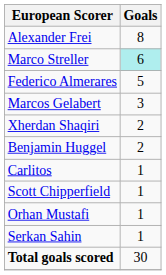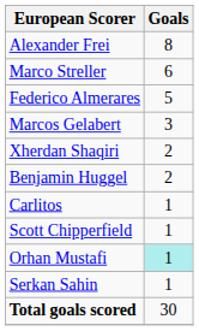 <table class="wikitable">
 <tr>
 <th>European Scorer</th>
 <th>Goals</th>
 </tr>
 <tr>
 <td> <a href='#'>Alexander Frei</a></td>
 <td style="text-align:center;">8</td>
 </tr>
 <tr>
 <td> <a href='#'>Marco Streller</a></td>
-<td style="background: paleturquoise; text-align:center;">6</td>
+<td style="text-align:center;">6</td>
 </tr>
 <tr>
 <td> <a href='#'>Federico Almerares</a></td>
 <td style="text-align:center;">5</td>
 </tr>
 <tr>
 <td> <a href='#'>Marcos Gelabert</a></td>
 <td style="text-align:center;">3</td>
 </tr>
 <tr>
 <td> <a href='#'>Xherdan Shaqiri</a></td>
 <td style="text-align:center;">2</td>
 </tr>
 <tr>
 <td> <a href='#'>Benjamin Huggel</a></td>
 <td style="text-align:center;">2</td>
 </tr>
 <tr>
 <td> <a href='#'>Carlitos</a></td>
 <td style="text-align:center;">1</td>
 </tr>
 <tr>
 <td> <a href='#'>Scott Chipperfield</a></td>
 <td style="text-align:center;">1</td>
 </tr>
 <tr>
 <td> <a href='#'>Orhan Mustafi</a></td>
-<td style="text-align:center;">1</td>
+<td style="background: paleturquoise; text-align:center;">1</td>
 </tr>
 <tr>
 <td> <a href='#'>Serkan Sahin</a></td>
 <td style="text-align:center;">1</td>
 </tr>
 <tr>
 <td><strong>Total goals scored</strong></td>
 <td style="text-align:center;">30</td>
 </tr>
 <tr>
 </tr>
 </table>
